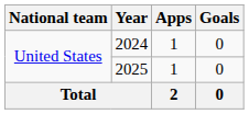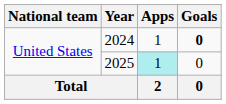 <table class="wikitable" style="text-align:center">
 <tr>
 <th>National team</th>
 <th>Year</th>
 <th>Apps</th>
 <th>Goals</th>
 </tr>
 <tr>
 <td rowspan=2><a href='#'>United States</a></td>
 <td>2024</td>
 <td>1</td>
-<td>0</td>
+<td><strong>0</strong></td>
 </tr>
 <tr>
 <td>2025</td>
-<td>1</td>
+<td style="background: paleturquoise;">1</td>
 <td>0</td>
 </tr>
 <tr>
 <th colspan="2">Total</th>
 <th>2</th>
 <th>0</th>
 </tr>
 </table>
